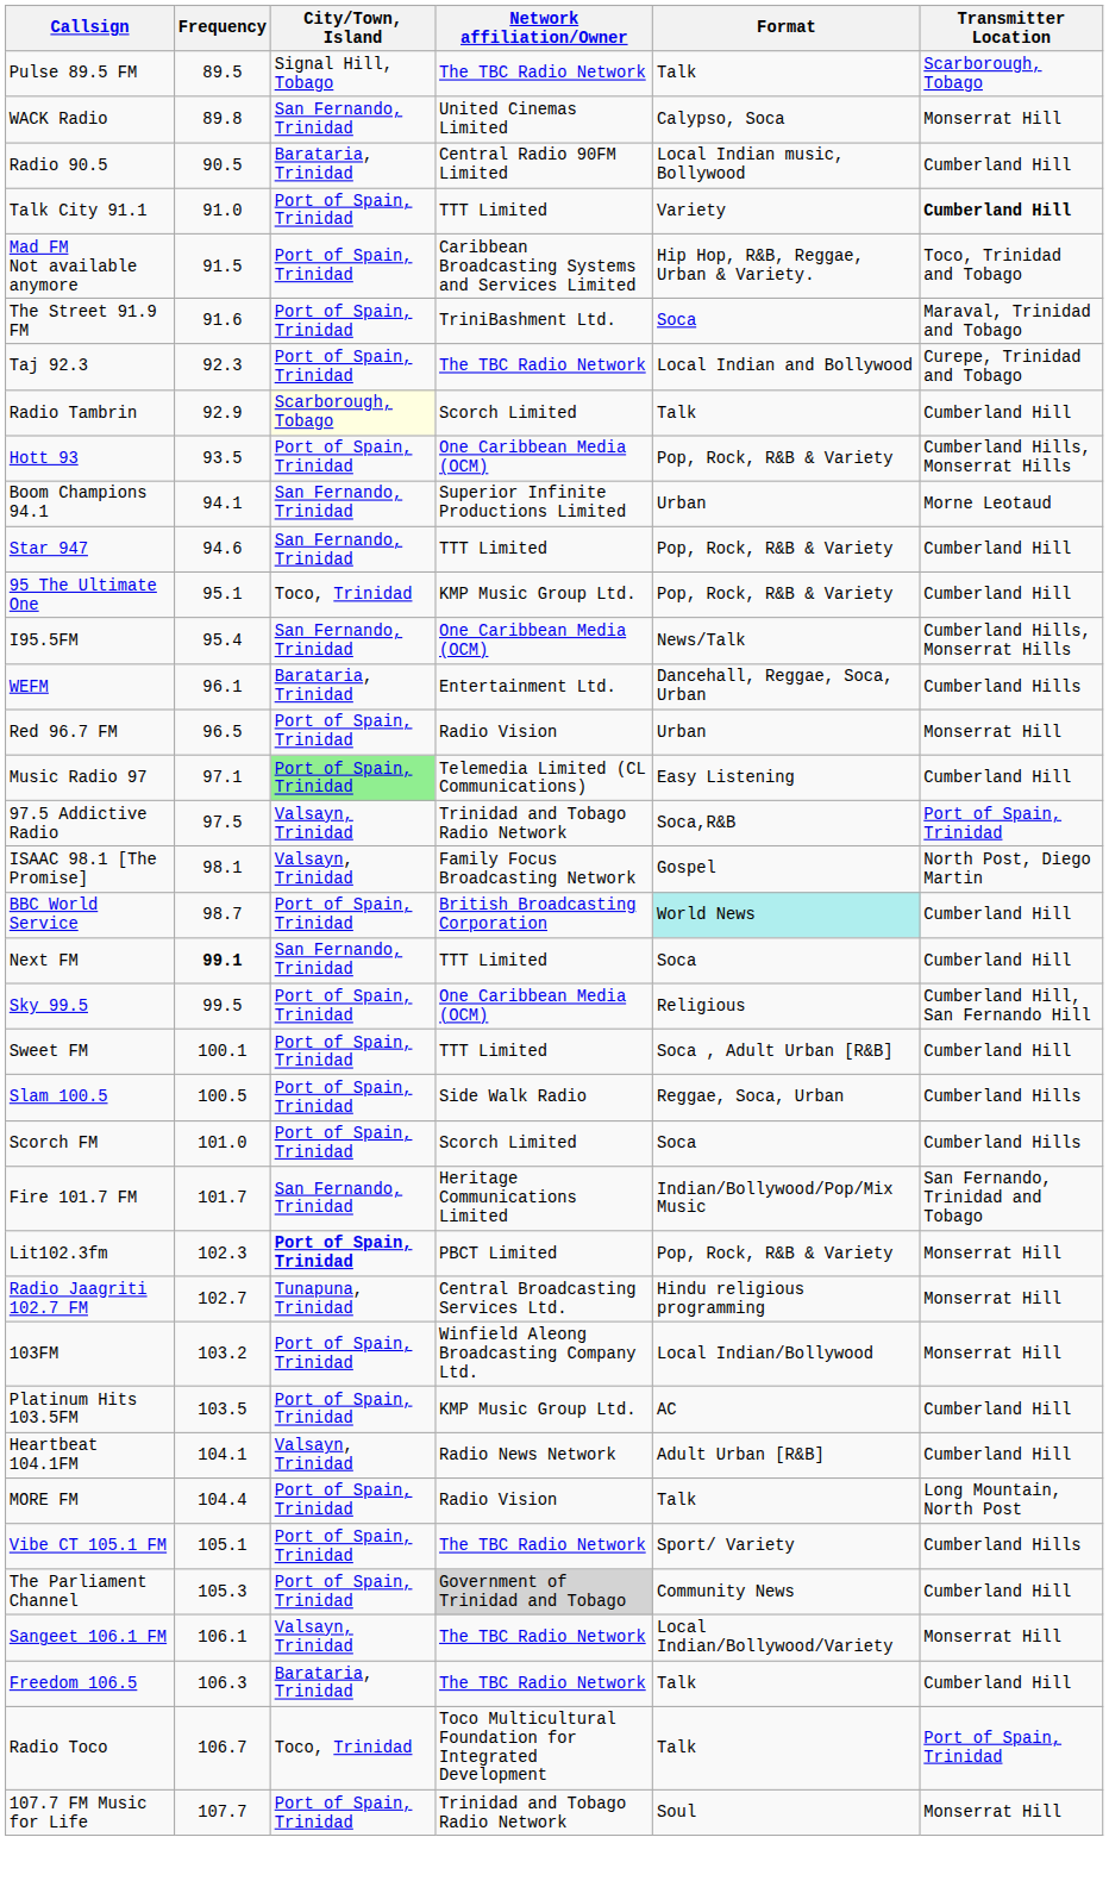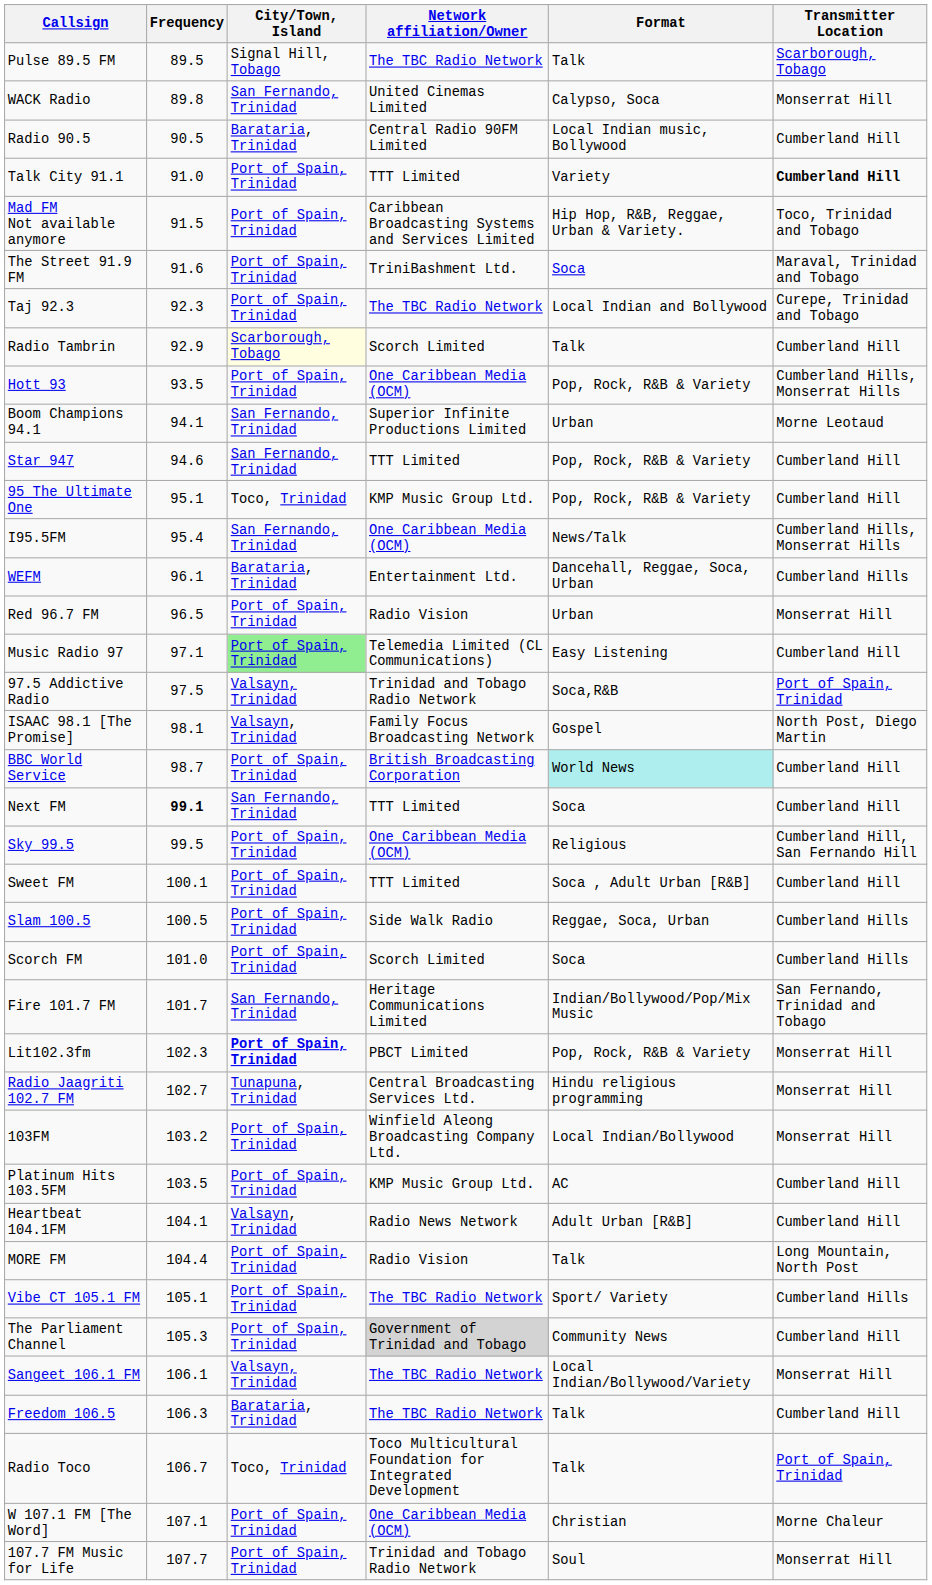 <table class="wikitable sortable">
 <tr>
 <th><a href='#'>Callsign</a></th>
 <th>Frequency</th>
 <th>City/Town, Island</th>
 <th><a href='#'>Network affiliation/Owner</a></th>
 <th>Format</th>
 <th>Transmitter Location</th>
 </tr>
 <tr>
 <td style="width: 250px;">Pulse 89.5 FM</td>
 <td style="width: 60px; text-align: center;">89.5</td>
 <td style="width: 200px;">Signal Hill, <a href='#'>Tobago</a></td>
 <td style="width: 250px;"><a href='#'>The TBC Radio Network</a></td>
 <td style="width: 250px;">Talk</td>
 <td style="width: 250px;"><a href='#'>Scarborough, Tobago</a></td>
 </tr>
 <tr>
 <td style="width: 250px;">WACK Radio</td>
 <td style="width: 60px; text-align: center;">89.8</td>
 <td style="width: 200px;"><a href='#'>San Fernando, Trinidad</a></td>
 <td style="width: 250px;">United Cinemas Limited</td>
 <td style="width: 250px;">Calypso, Soca</td>
 <td style="width: 250px;">Monserrat Hill</td>
 </tr>
 <tr>
 <td style="width: 250px;">Radio 90.5</td>
 <td style="width: 60px; text-align: center;">90.5</td>
 <td style="width: 200px;"><a href='#'>Barataria</a>, <a href='#'>Trinidad</a></td>
 <td style="width: 250px;">Central Radio 90FM Limited</td>
 <td style="width: 250px;">Local Indian music, Bollywood</td>
 <td style="width: 250px;">Cumberland Hill</td>
 </tr>
 <tr>
 <td style="width: 250px;">Talk City 91.1</td>
 <td style="width: 60px; text-align: center;">91.0</td>
 <td style="width: 200px;"><a href='#'>Port of Spain, Trinidad</a></td>
 <td style="width: 250px;">TTT Limited</td>
 <td style="width: 250px;">Variety</td>
 <td style="width: 250px;"><strong>Cumberland Hill</strong></td>
 </tr>
 <tr>
 <td style="width: 250px;"><a href='#'>Mad FM</a><br>Not available anymore</td>
 <td style="width: 60px; text-align: center;">91.5</td>
 <td style="width: 200px;"><a href='#'>Port of Spain, Trinidad</a></td>
 <td style="width: 250px;">Caribbean Broadcasting Systems and Services Limited</td>
 <td style="width: 250px;">Hip Hop, R&B, Reggae, Urban & Variety.</td>
 <td style="width: 250px;">Toco, Trinidad and Tobago</td>
 </tr>
 <tr>
 <td style="width: 250px;">The Street 91.9 FM</td>
 <td style="width: 60px; text-align: center;">91.6</td>
 <td style="width: 200px;"><a href='#'>Port of Spain, Trinidad</a></td>
 <td style="width: 250px;">TriniBashment Ltd.</td>
 <td style="width: 250px;"><a href='#'>Soca</a></td>
 <td style="width: 250px;">Maraval, Trinidad and Tobago</td>
 </tr>
 <tr>
 <td style="width: 250px;">Taj 92.3</td>
 <td style="width: 60px; text-align: center;">92.3</td>
 <td style="width: 200px;"><a href='#'>Port of Spain, Trinidad</a></td>
 <td style="width: 250px;"><a href='#'>The TBC Radio Network</a></td>
 <td style="width: 250px;">Local Indian and Bollywood</td>
 <td style="width: 250px;">Curepe, Trinidad and Tobago</td>
 </tr>
 <tr>
 <td style="width: 250px;">Radio Tambrin</td>
 <td style="width: 60px; text-align: center;">92.9</td>
 <td style="background: lightyellow; width: 200px;"><a href='#'>Scarborough, Tobago</a></td>
 <td style="width: 250px;">Scorch Limited</td>
 <td style="width: 250px;">Talk</td>
 <td style="width: 250px;">Cumberland Hill</td>
 </tr>
 <tr>
 <td style="width: 250px;"><a href='#'>Hott 93</a></td>
 <td style="width: 60px; text-align: center;">93.5</td>
 <td style="width: 200px;"><a href='#'>Port of Spain, Trinidad</a></td>
 <td style="width: 250px;"><a href='#'> One Caribbean Media (OCM)</a></td>
 <td style="width: 250px;">Pop, Rock, R&B & Variety</td>
 <td style="width: 250px;">Cumberland Hills, Monserrat Hills</td>
 </tr>
 <tr>
 <td style="width: 250px;">Boom Champions 94.1</td>
 <td style="width: 60px; text-align: center;">94.1</td>
 <td style="width: 200px;"><a href='#'>San Fernando, Trinidad</a></td>
 <td style="width: 250px;">Superior Infinite Productions Limited</td>
 <td style="width: 250px;">Urban</td>
 <td style="width: 250px;">Morne Leotaud</td>
 </tr>
 <tr>
 <td style="width: 250px;"><a href='#'>Star 947</a></td>
 <td style="width: 60px; text-align: center;">94.6</td>
 <td style="width: 200px;"><a href='#'>San Fernando, Trinidad</a></td>
 <td style="width: 250px;">TTT Limited</td>
 <td style="width: 250px;">Pop, Rock, R&B & Variety</td>
 <td style="width: 250px;">Cumberland Hill</td>
 </tr>
 <tr>
 <td style="width: 250px;"><a href='#'>95 The Ultimate One</a></td>
 <td style="width: 60px; text-align: center;">95.1</td>
 <td style="width: 200px;">Toco, <a href='#'>Trinidad</a></td>
 <td style="width: 250px;">KMP Music Group Ltd.</td>
 <td style="width: 250px;">Pop, Rock, R&B & Variety</td>
 <td style="width: 250px;">Cumberland Hill</td>
 </tr>
 <tr>
 <td style="width: 250px;">I95.5FM</td>
 <td style="width: 60px; text-align: center;">95.4</td>
 <td style="width: 200px;"><a href='#'>San Fernando, Trinidad</a></td>
 <td style="width: 250px;"><a href='#'> One Caribbean Media (OCM)</a></td>
 <td style="width: 250px;">News/Talk</td>
 <td style="width: 250px;">Cumberland Hills, Monserrat Hills</td>
 </tr>
 <tr>
 <td style="width: 250px;"><a href='#'>WEFM</a></td>
 <td style="width: 60px; text-align: center;">96.1</td>
 <td style="width: 200px;"><a href='#'>Barataria</a>, <a href='#'>Trinidad</a></td>
 <td style="width: 250px;">Entertainment Ltd.</td>
 <td style="width: 250px;">Dancehall, Reggae, Soca, Urban</td>
 <td style="width: 250px;">Cumberland Hills</td>
 </tr>
 <tr>
 <td style="width: 250px;">Red 96.7 FM</td>
 <td style="width: 60px; text-align: center;">96.5</td>
 <td style="width: 200px;"><a href='#'>Port of Spain, Trinidad</a></td>
 <td style="width: 250px;">Radio Vision</td>
 <td style="width: 250px;">Urban</td>
 <td style="width: 250px;">Monserrat Hill</td>
 </tr>
 <tr>
 <td style="width: 250px;">Music Radio 97</td>
 <td style="width: 60px; text-align: center;">97.1</td>
 <td style="background: lightgreen; width: 200px;"><a href='#'>Port of Spain, Trinidad</a></td>
 <td style="width: 250px;">Telemedia Limited (CL Communications)</td>
 <td style="width: 250px;">Easy Listening</td>
 <td style="width: 250px;">Cumberland Hill</td>
 </tr>
 <tr>
 <td style="width: 250px;">97.5 Addictive Radio</td>
 <td style="width: 60px; text-align: center;">97.5</td>
 <td style="width: 200px;"><a href='#'>Valsayn, Trinidad</a></td>
 <td style="width: 250px;">Trinidad and Tobago Radio Network</td>
 <td style="width: 250px;">Soca,R&B</td>
 <td style="width: 250px;"><a href='#'>Port of Spain, Trinidad</a></td>
 </tr>
 <tr>
 <td style="width: 250px;">ISAAC 98.1 [The Promise]</td>
 <td style="width: 60px; text-align: center;">98.1</td>
 <td style="width: 200px;"><a href='#'>Valsayn</a>, <a href='#'>Trinidad</a></td>
 <td style="width: 250px;">Family Focus Broadcasting Network</td>
 <td style="width: 250px;">Gospel</td>
 <td style="width: 250px;">North Post, Diego Martin</td>
 </tr>
 <tr>
 <td style="width: 250px;"><a href='#'>BBC World Service</a></td>
 <td style="width: 60px; text-align: center;">98.7</td>
 <td style="width: 200px;"><a href='#'>Port of Spain, Trinidad</a></td>
 <td style="width: 250px;"><a href='#'>British Broadcasting Corporation</a></td>
 <td style="background: paleturquoise; width: 250px;">World News</td>
 <td style="width: 250px;">Cumberland Hill</td>
 </tr>
 <tr>
 <td style="width: 250px;">Next FM</td>
 <td style="width: 60px; text-align: center;"><strong>99.1</strong></td>
 <td style="width: 200px;"><a href='#'>San Fernando, Trinidad</a></td>
 <td style="width: 250px;">TTT Limited</td>
 <td style="width: 250px;">Soca</td>
 <td style="width: 250px;">Cumberland Hill</td>
 </tr>
 <tr>
 <td style="width: 250px;"><a href='#'>Sky 99.5</a></td>
 <td style="width: 60px; text-align: center;">99.5</td>
 <td style="width: 200px;"><a href='#'>Port of Spain, Trinidad</a></td>
 <td style="width: 250px;"><a href='#'>One Caribbean Media (OCM)</a></td>
 <td style="width: 250px;">Religious</td>
 <td style="width: 250px;">Cumberland Hill, San Fernando Hill</td>
 </tr>
 <tr>
 <td style="width: 250px;">Sweet FM</td>
 <td style="width: 60px; text-align: center;">100.1</td>
 <td style="width: 200px;"><a href='#'>Port of Spain, Trinidad</a></td>
 <td style="width: 250px;">TTT Limited</td>
 <td style="width: 250px;">Soca , Adult Urban [R&B]</td>
 <td style="width: 250px;">Cumberland Hill</td>
 </tr>
 <tr>
 <td style="width: 250px;"><a href='#'>Slam 100.5</a></td>
 <td style="width: 60px; text-align: center;">100.5</td>
 <td style="width: 200px;"><a href='#'>Port of Spain, Trinidad</a></td>
 <td style="width: 250px;">Side Walk Radio</td>
 <td style="width: 250px;">Reggae, Soca, Urban</td>
 <td style="width: 250px;">Cumberland Hills</td>
 </tr>
 <tr>
 <td style="width: 250px;">Scorch FM</td>
 <td style="width: 60px; text-align: center;">101.0</td>
 <td style="width: 200px;"><a href='#'>Port of Spain, Trinidad</a></td>
 <td style="width: 250px;">Scorch Limited</td>
 <td style="width: 250px;">Soca</td>
 <td style="width: 250px;">Cumberland Hills</td>
 </tr>
 <tr>
 <td style="width: 250px;">Fire 101.7 FM</td>
 <td style="width: 60px; text-align: center;">101.7</td>
 <td style="width: 200px;"><a href='#'>San Fernando, Trinidad</a></td>
 <td style="width: 250px;">Heritage Communications Limited</td>
 <td style="width: 250px;">Indian/Bollywood/Pop/Mix Music</td>
 <td style="width: 250px;">San Fernando, Trinidad and Tobago</td>
 </tr>
 <tr>
 <td style="width: 250px;">Lit102.3fm</td>
 <td style="width: 60px; text-align: center;">102.3</td>
 <td style="width: 200px;"><strong><a href='#'>Port of Spain, Trinidad</a></strong></td>
 <td style="width: 250px;">PBCT Limited</td>
 <td style="width: 250px;">Pop, Rock, R&B & Variety</td>
 <td style="width: 250px;">Monserrat Hill</td>
 </tr>
 <tr>
 <td style="width: 250px;"><a href='#'>Radio Jaagriti 102.7 FM</a></td>
 <td style="width: 60px; text-align: center;">102.7</td>
 <td style="width: 200px;"><a href='#'>Tunapuna</a>, <a href='#'>Trinidad</a></td>
 <td style="width: 250px;">Central Broadcasting Services Ltd.</td>
 <td style="width: 250px;">Hindu religious programming</td>
 <td style="width: 250px;">Monserrat Hill</td>
 </tr>
 <tr>
 <td style="width: 250px;">103FM</td>
 <td style="width: 60px; text-align: center;">103.2</td>
 <td style="width: 200px;"><a href='#'>Port of Spain, Trinidad</a></td>
 <td style="width: 250px;">Winfield Aleong Broadcasting Company Ltd.</td>
 <td style="width: 250px;">Local Indian/Bollywood</td>
 <td style="width: 250px;">Monserrat Hill</td>
 </tr>
 <tr>
 <td style="width: 250px;">Platinum Hits 103.5FM</td>
 <td style="width: 60px; text-align: center;">103.5</td>
 <td style="width: 200px;"><a href='#'>Port of Spain, Trinidad</a></td>
 <td style="width: 250px;">KMP Music Group Ltd.</td>
 <td style="width: 250px;">AC</td>
 <td style="width: 250px;">Cumberland Hill</td>
 </tr>
 <tr>
 <td style="width: 250px;">Heartbeat 104.1FM</td>
 <td style="width: 60px; text-align: center;">104.1</td>
 <td style="width: 200px;"><a href='#'>Valsayn</a>, <a href='#'>Trinidad</a></td>
 <td style="width: 250px;">Radio News Network</td>
 <td style="width: 250px;">Adult Urban [R&B]</td>
 <td style="width: 250px;">Cumberland Hill</td>
 </tr>
 <tr>
 <td style="width: 250px;">MORE FM</td>
 <td style="width: 60px; text-align: center;">104.4</td>
 <td style="width: 200px;"><a href='#'>Port of Spain, Trinidad</a></td>
 <td style="width: 250px;">Radio Vision</td>
 <td style="width: 250px;">Talk</td>
 <td style="width: 250px;">Long Mountain, North Post</td>
 </tr>
 <tr>
 <td style="width: 250px;"><a href='#'>Vibe CT 105.1 FM</a></td>
 <td style="width: 60px; text-align: center;">105.1</td>
 <td style="width: 200px;"><a href='#'>Port of Spain, Trinidad</a></td>
 <td style="width: 250px;"><a href='#'>The TBC Radio Network</a></td>
 <td style="width: 250px;">Sport/ Variety</td>
 <td style="width: 250px;">Cumberland Hills</td>
 </tr>
 <tr>
 <td style="width: 250px;">The Parliament Channel</td>
 <td style="width: 60px; text-align: center;">105.3</td>
 <td style="width: 200px;"><a href='#'>Port of Spain, Trinidad</a></td>
 <td style="background: lightgrey; width: 250px;">Government of Trinidad and Tobago</td>
 <td style="width: 250px;">Community News</td>
 <td style="width: 250px;">Cumberland Hill</td>
 </tr>
 <tr>
 <td style="width: 250px;"><a href='#'>Sangeet 106.1 FM</a></td>
 <td style="width: 60px; text-align: center;">106.1</td>
 <td style="width: 200px;"><a href='#'>Valsayn, Trinidad</a></td>
 <td style="width: 250px;"><a href='#'>The TBC Radio Network</a></td>
 <td style="width: 250px;">Local Indian/Bollywood/Variety</td>
 <td style="width: 250px;">Monserrat Hill</td>
 </tr>
 <tr>
 <td style="width: 250px;"><a href='#'>Freedom 106.5</a></td>
 <td style="width: 60px; text-align: center;">106.3</td>
 <td style="width: 200px;"><a href='#'>Barataria</a>, <a href='#'>Trinidad</a></td>
 <td style="width: 250px;"><a href='#'>The TBC Radio Network</a></td>
 <td style="width: 250px;">Talk</td>
 <td style="width: 250px;">Cumberland Hill</td>
 </tr>
 <tr>
 <td style="width: 250px;">Radio Toco</td>
 <td style="width: 60px; text-align: center;">106.7</td>
 <td style="width: 200px;">Toco, <a href='#'>Trinidad</a></td>
 <td style="width: 250px;">Toco Multicultural Foundation for Integrated Development</td>
 <td style="width: 250px;">Talk</td>
 <td style="width: 250px;"><a href='#'>Port of Spain, Trinidad</a></td>
 </tr>
 <tr>
+<td style="width: 250px;">W 107.1 FM [The Word]</td>
+<td style="width: 60px; text-align: center;">107.1</td>
+<td style="width: 200px;"><a href='#'>Port of Spain, Trinidad</a></td>
+<td style="width: 250px;"><a href='#'>One Caribbean Media (OCM)</a></td>
+<td style="width: 250px;">Christian</td>
+<td style="width: 250px;">Morne Chaleur</td>
+</tr>
+<tr>
 <td style="width: 250px;">107.7 FM Music for Life</td>
 <td style="width: 60px; text-align: center;">107.7</td>
 <td style="width: 200px;"><a href='#'>Port of Spain, Trinidad</a></td>
 <td style="width: 250px;">Trinidad and Tobago Radio Network</td>
 <td style="width: 250px;">Soul</td>
 <td style="width: 250px;">Monserrat Hill</td>
 </tr>
 </table>
